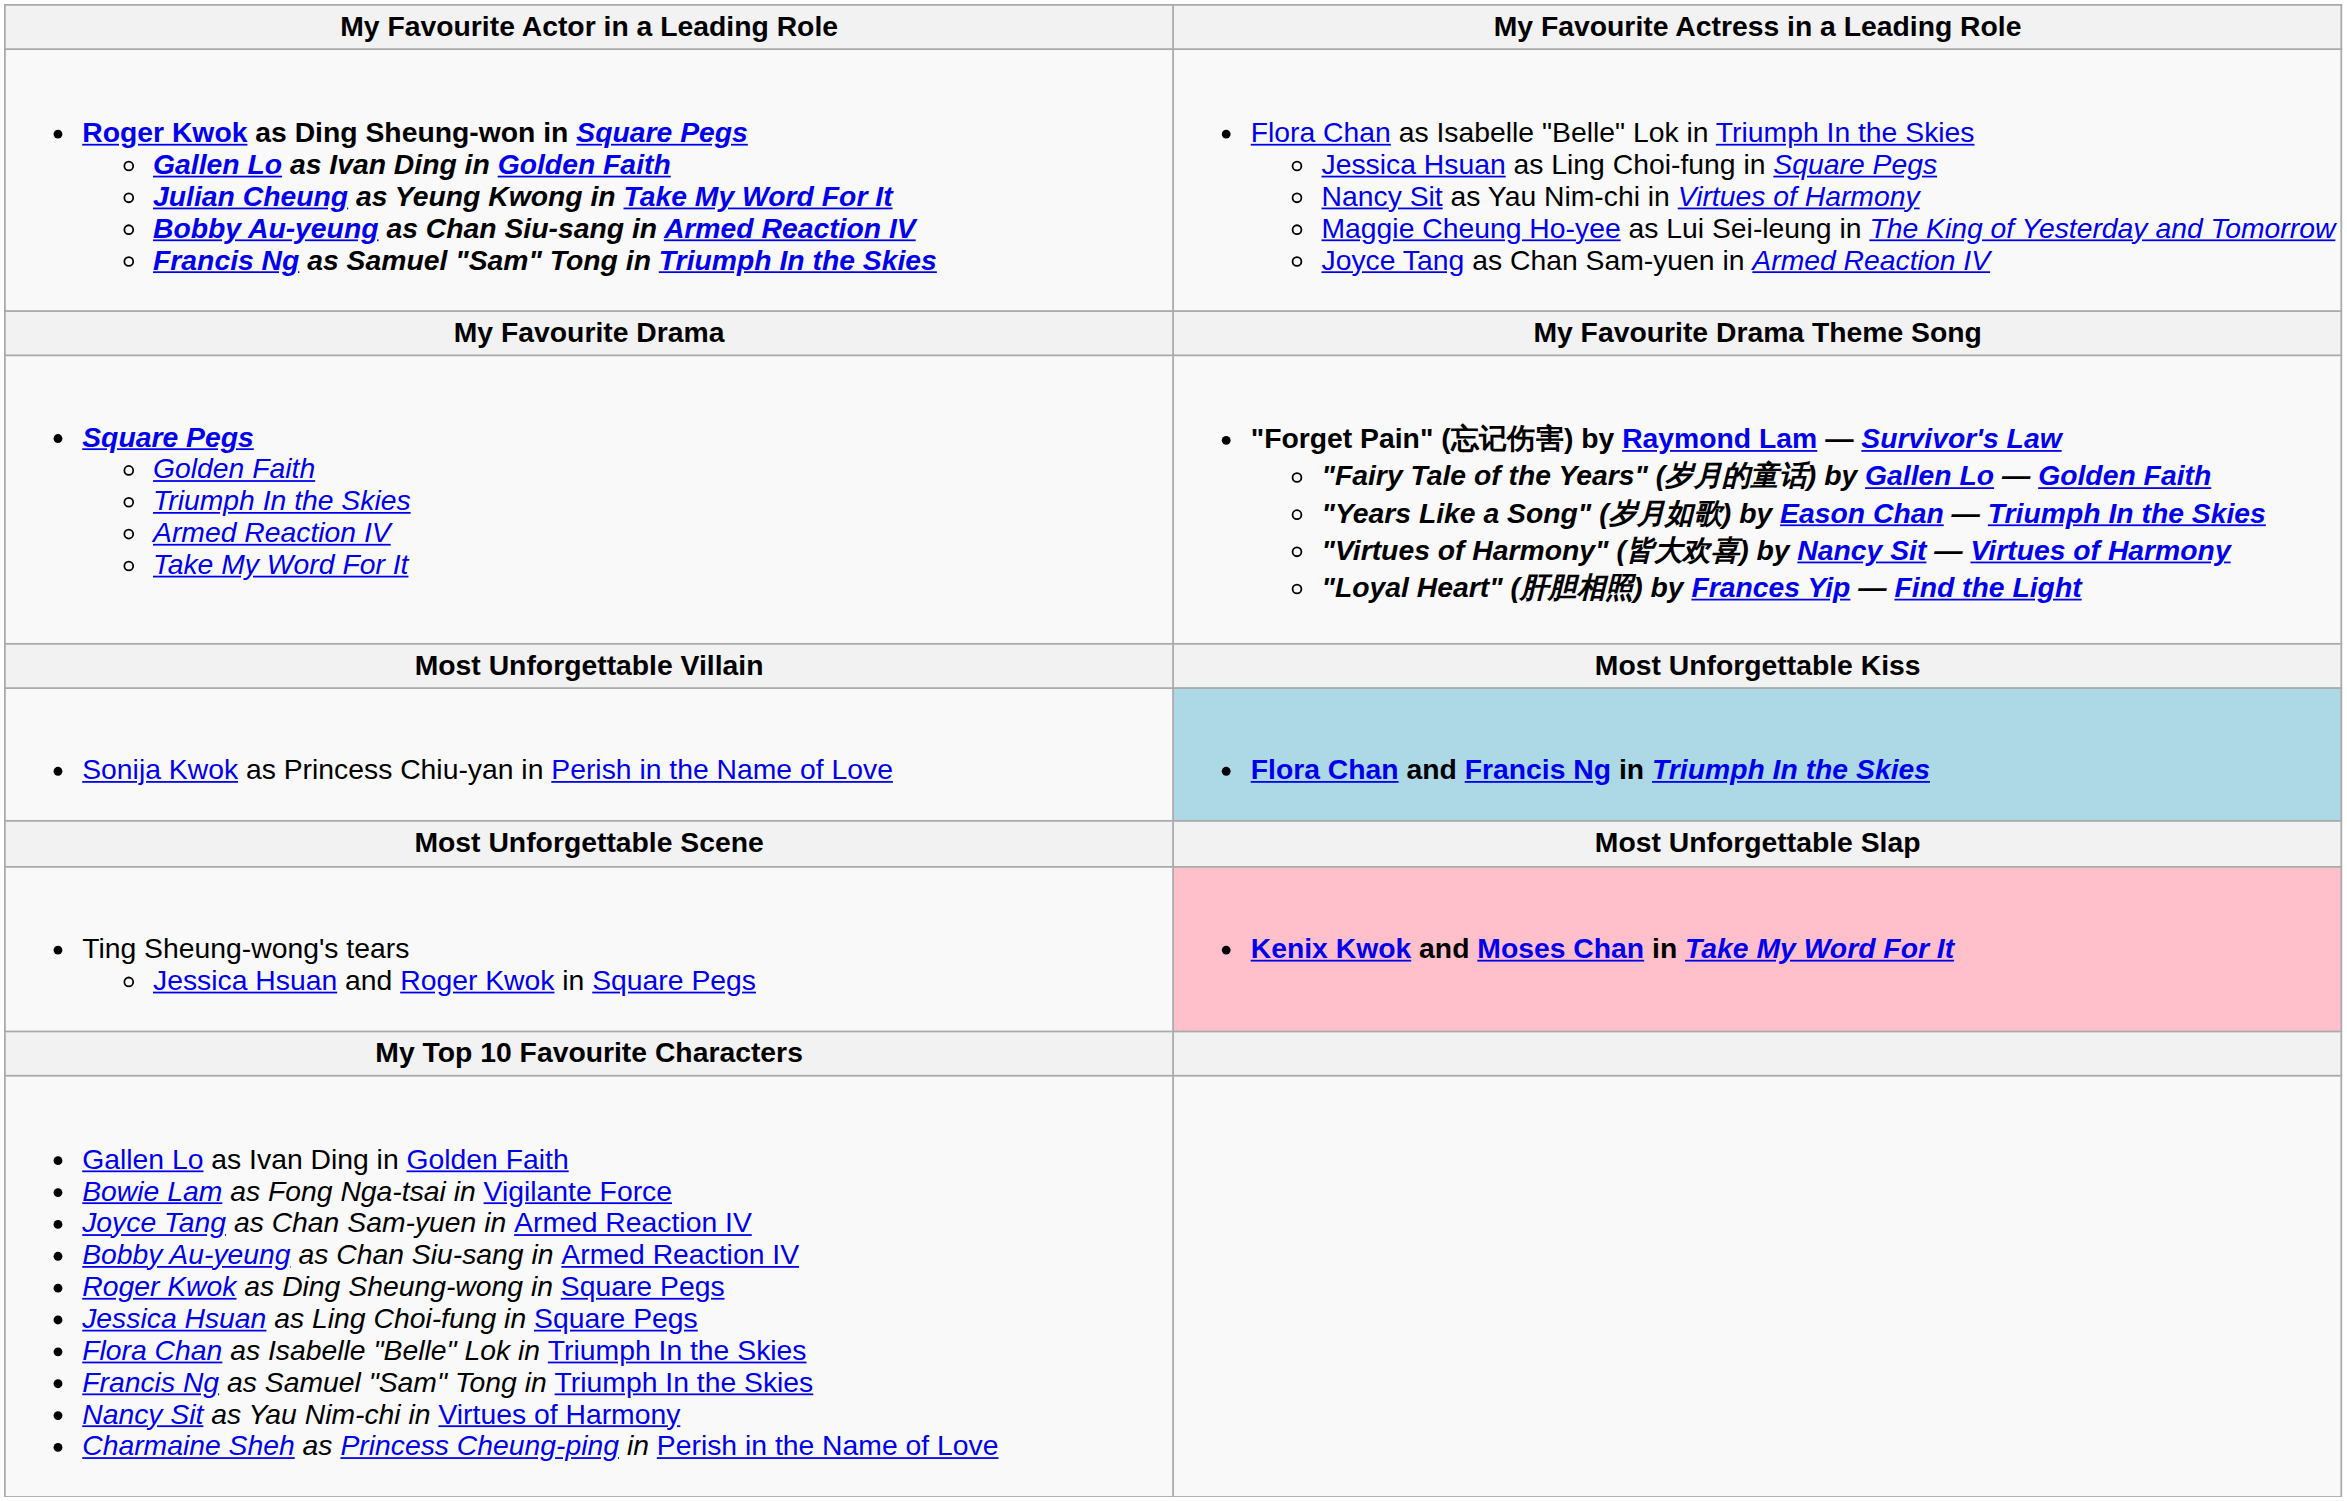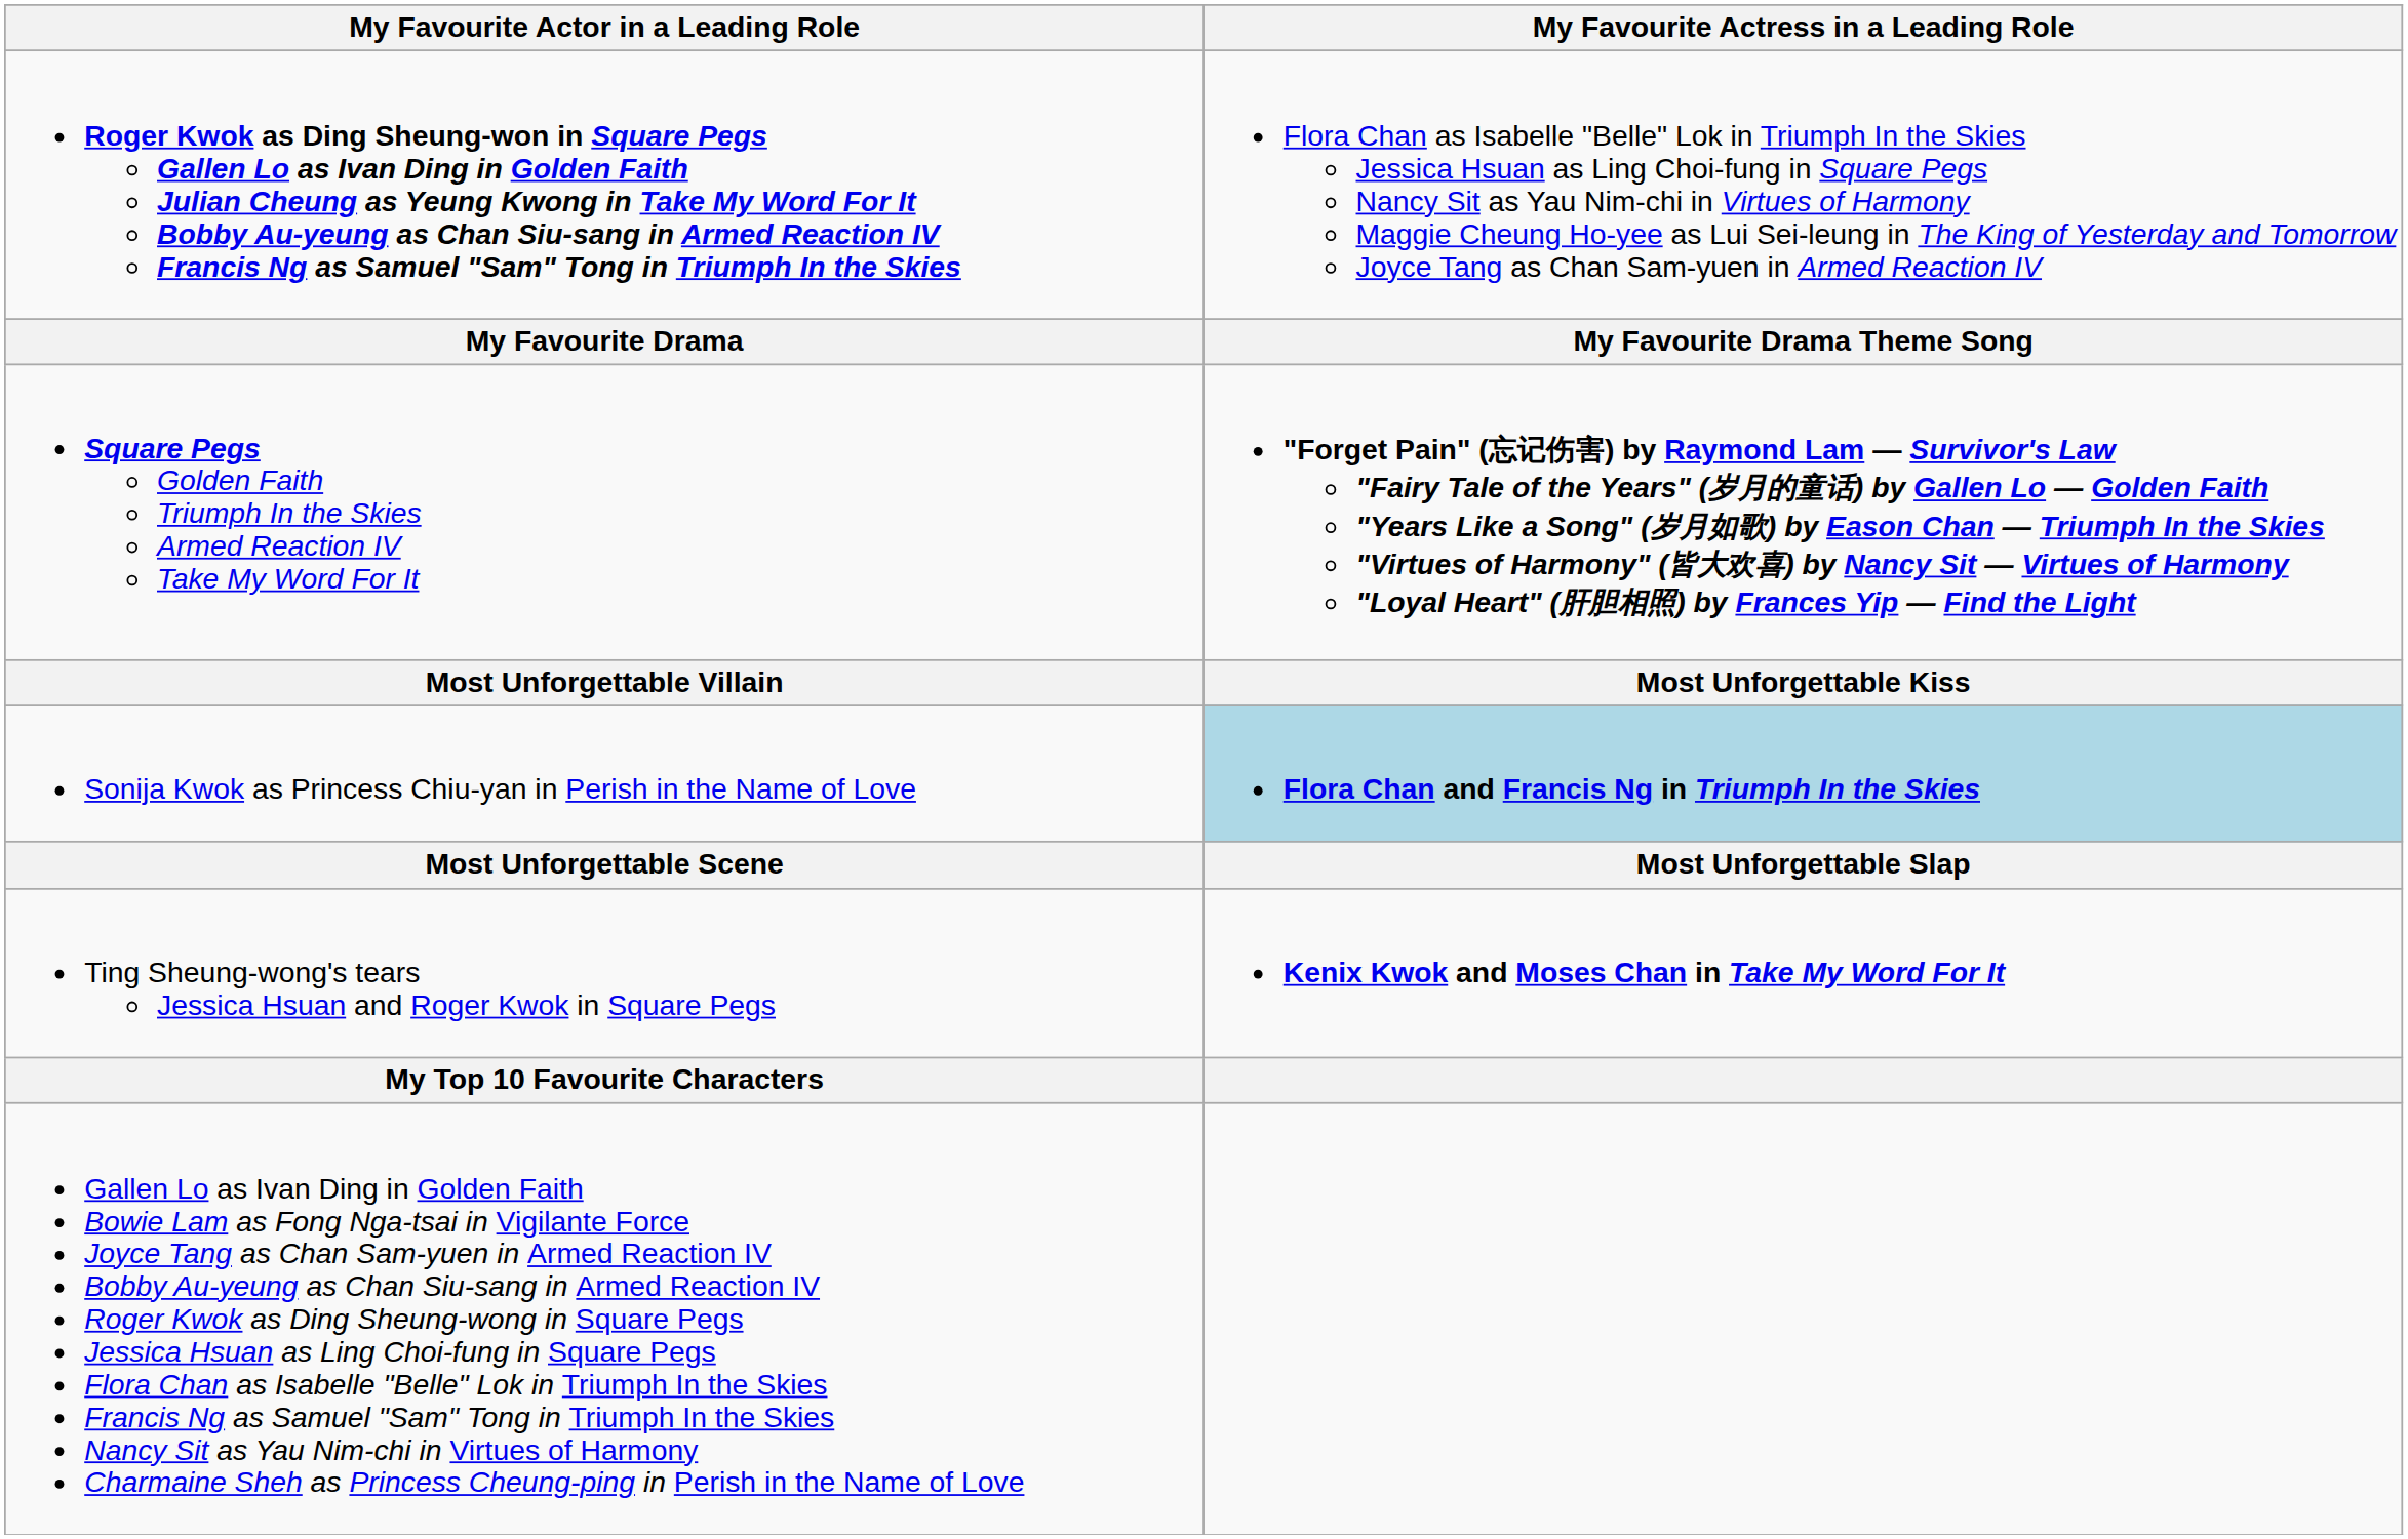 <table class="wikitable">
 <tr>
 <th style="width:50%;">My Favourite Actor in a Leading Role</th>
 <th style="width:50%;">My Favourite Actress in a Leading Role</th>
 </tr>
 <tr>
 <td valign="top"><br><ul><li><strong><a href='#'>Roger Kwok</a> as Ding Sheung-won in <em><a href='#'>Square Pegs</a><strong><em><ul><li><a href='#'>Gallen Lo</a> as Ivan Ding in </em><a href='#'>Golden Faith</a><em></li><li><a href='#'>Julian Cheung</a> as Yeung Kwong in </em><a href='#'>Take My Word For It</a><em></li><li><a href='#'>Bobby Au-yeung</a> as Chan Siu-sang in </em><a href='#'>Armed Reaction IV</a><em></li><li><a href='#'>Francis Ng</a> as Samuel "Sam" Tong in </em><a href='#'>Triumph In the Skies</a><em></li></ul></li></ul></td>
 <td valign="top"><br><ul><li></strong><a href='#'>Flora Chan</a> as Isabelle "Belle" Lok in </em><a href='#'>Triumph In the Skies</a></em></strong><ul><li><a href='#'>Jessica Hsuan</a> as Ling Choi-fung in <em><a href='#'>Square Pegs</a></em></li><li><a href='#'>Nancy Sit</a> as Yau Nim-chi in <em><a href='#'>Virtues of Harmony</a></em></li><li><a href='#'>Maggie Cheung Ho-yee</a> as Lui Sei-leung in <em><a href='#'>The King of Yesterday and Tomorrow</a></em></li><li><a href='#'>Joyce Tang</a> as Chan Sam-yuen in <em><a href='#'>Armed Reaction IV</a></em></li></ul></li></ul></td>
 </tr>
 <tr>
 <th style="width:50%;">My Favourite Drama</th>
 <th style="width:50%;">My Favourite Drama Theme Song</th>
 </tr>
 <tr>
 <td valign="top"><br><ul><li><strong><em><a href='#'>Square Pegs</a></em></strong><ul><li><em><a href='#'>Golden Faith</a></em></li><li><em><a href='#'>Triumph In the Skies</a></em></li><li><em><a href='#'>Armed Reaction IV</a></em></li><li><em><a href='#'>Take My Word For It</a></em></li></ul></li></ul></td>
 <td valign="top"><br><ul><li><strong>"Forget Pain" (忘记伤害) by <a href='#'>Raymond Lam</a> — <em><a href='#'>Survivor's Law</a><strong><em><ul><li>"Fairy Tale of the Years" (岁月的童话) by <a href='#'>Gallen Lo</a> — </em><a href='#'>Golden Faith</a><em></li><li>"Years Like a Song" (岁月如歌) by <a href='#'>Eason Chan</a> — </em><a href='#'>Triumph In the Skies</a><em></li><li>"Virtues of Harmony" (皆大欢喜) by <a href='#'>Nancy Sit</a> — </em><a href='#'>Virtues of Harmony</a><em></li><li>"Loyal Heart" (肝胆相照) by <a href='#'>Frances Yip</a> — </em><a href='#'>Find the Light</a><em></li></ul></li></ul></td>
 </tr>
 <tr>
 <th style="width:50%;">Most Unforgettable Villain</th>
 <th style="width:50%;">Most Unforgettable Kiss</th>
 </tr>
 <tr>
 <td valign="top"><br><ul><li></strong><a href='#'>Sonija Kwok</a> as Princess Chiu-yan in </em><a href='#'>Perish in the Name of Love</a></em></strong></li></ul></td>
 <td valign="top" style="background: lightblue;"><br><ul><li><strong><a href='#'>Flora Chan</a> and <a href='#'>Francis Ng</a> in <em><a href='#'>Triumph In the Skies</a><strong><em></li></ul></td>
 </tr>
 <tr>
 <th style="width:50%;">Most Unforgettable Scene</th>
 <th style="width:50%;">Most Unforgettable Slap</th>
 </tr>
 <tr>
 <td valign="top"><br><ul><li></strong>Ting Sheung-wong's tears<strong><ul><li></strong><a href='#'>Jessica Hsuan</a> and <a href='#'>Roger Kwok</a> in </em><a href='#'>Square Pegs</a></em></strong></li></ul></li></ul></td>
-<td valign="top" style="background: pink;"><br><ul><li><strong><a href='#'>Kenix Kwok</a> and <a href='#'>Moses Chan</a> in <em><a href='#'>Take My Word For It</a><strong><em></li></ul></td>
+<td valign="top"><br><ul><li><strong><a href='#'>Kenix Kwok</a> and <a href='#'>Moses Chan</a> in <em><a href='#'>Take My Word For It</a><strong><em></li></ul></td>
 </tr>
 <tr>
 <th style="width:50%;">My Top 10 Favourite Characters</th>
 <th style="width:50%;"></th>
 </tr>
 <tr>
 <td valign="top"><br><ul><li><a href='#'>Gallen Lo</a> as Ivan Ding in </em><a href='#'>Golden Faith</a><em></li><li><a href='#'>Bowie Lam</a> as Fong Nga-tsai in </em><a href='#'>Vigilante Force</a><em></li><li><a href='#'>Joyce Tang</a> as Chan Sam-yuen in </em><a href='#'>Armed Reaction IV</a><em></li><li><a href='#'>Bobby Au-yeung</a> as Chan Siu-sang in </em><a href='#'>Armed Reaction IV</a><em></li><li><a href='#'>Roger Kwok</a> as Ding Sheung-wong in </em><a href='#'>Square Pegs</a><em></li><li><a href='#'>Jessica Hsuan</a> as Ling Choi-fung in </em><a href='#'>Square Pegs</a><em></li><li><a href='#'>Flora Chan</a> as Isabelle "Belle" Lok in </em><a href='#'>Triumph In the Skies</a><em></li><li><a href='#'>Francis Ng</a> as Samuel "Sam" Tong in </em><a href='#'>Triumph In the Skies</a><em></li><li><a href='#'>Nancy Sit</a> as Yau Nim-chi in </em><a href='#'>Virtues of Harmony</a><em></li><li><a href='#'>Charmaine Sheh</a> as <a href='#'>Princess Cheung-ping</a> in </em><a href='#'>Perish in the Name of Love</a><em></li></ul></td>
 <td valign="top"></td>
 </tr>
 </table>
